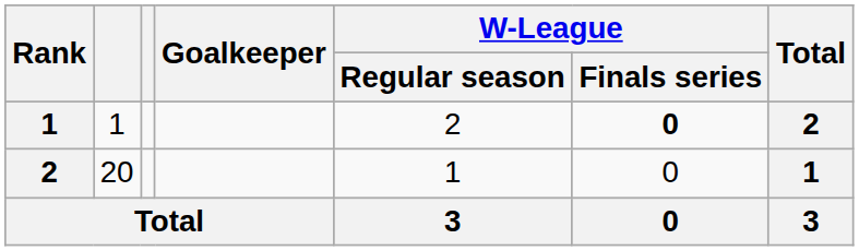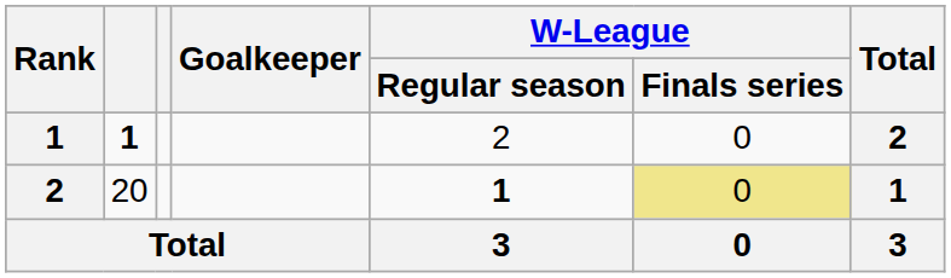 <table class="wikitable" style="text-align:center">
 <tr>
 <th rowspan="2">Rank</th>
 <th rowspan="2"></th>
 <th rowspan="2"></th>
 <th rowspan="2">Goalkeeper</th>
 <th colspan="2"><a href='#'>W-League</a></th>
 <th rowspan="2">Total</th>
 </tr>
 <tr>
 <th>Regular season</th>
 <th>Finals series</th>
 </tr>
 <tr>
 <th>1</th>
-<td>1</td>
+<td><strong>1</strong></td>
 <td></td>
 <td align="left"></td>
 <td>2</td>
-<td><strong>0</strong></td>
+<td>0</td>
 <th>2</th>
 </tr>
 <tr>
 <th>2</th>
 <td>20</td>
 <td></td>
 <td align="left"></td>
-<td>1</td>
-<td>0</td>
+<td><strong>1</strong></td>
+<td style="background: khaki;">0</td>
 <th>1</th>
 </tr>
 <tr>
 <th colspan="4">Total</th>
 <th>3</th>
 <th>0</th>
 <th>3</th>
 </tr>
 </table>
